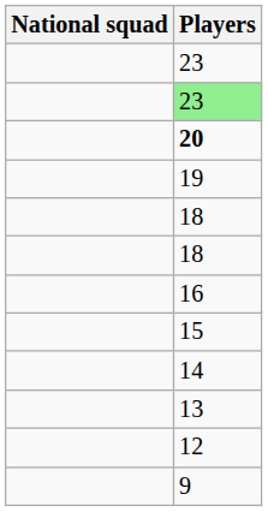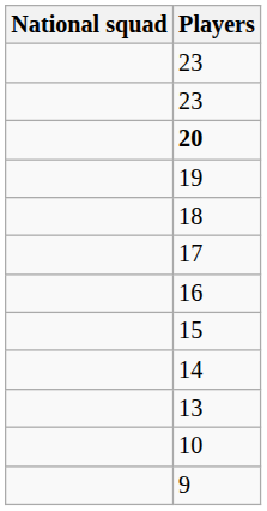 <table class="wikitable sortable">
 <tr>
 <th>National squad</th>
 <th>Players</th>
 </tr>
 <tr>
 <td></td>
 <td>23</td>
 </tr>
 <tr>
 <td></td>
-<td style="background: lightgreen;">23</td>
+<td>23</td>
 </tr>
 <tr>
 <td></td>
 <td><strong>20</strong></td>
 </tr>
 <tr>
 <td></td>
 <td>19</td>
 </tr>
 <tr>
 <td></td>
 <td>18</td>
 </tr>
 <tr>
 <td></td>
-<td>18</td>
+<td>17</td>
 </tr>
 <tr>
 <td></td>
 <td>16</td>
 </tr>
 <tr>
 <td></td>
 <td>15</td>
 </tr>
 <tr>
 <td></td>
 <td>14</td>
 </tr>
 <tr>
 <td></td>
 <td>13</td>
 </tr>
 <tr>
 <td></td>
-<td>12</td>
+<td>10</td>
 </tr>
 <tr>
 <td></td>
 <td>9</td>
 </tr>
 </table>
